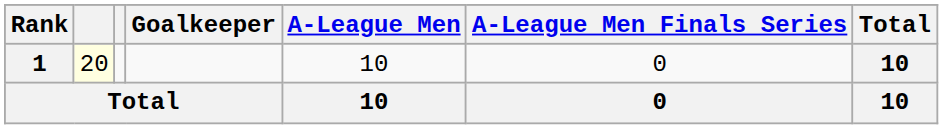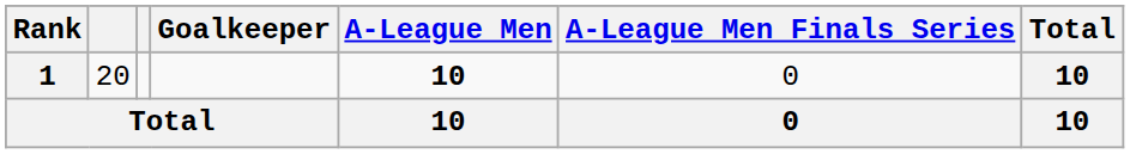 <table class="wikitable" style="text-align:center">
 <tr>
 <th>Rank</th>
 <th></th>
 <th></th>
 <th>Goalkeeper</th>
 <th><a href='#'>A-League Men</a></th>
 <th><a href='#'>A-League Men Finals Series</a></th>
 <th>Total</th>
 </tr>
 <tr>
 <th>1</th>
-<td style="background: lightyellow;">20</td>
+<td>20</td>
 <td></td>
 <td align="left"></td>
-<td>10</td>
+<td><strong>10</strong></td>
 <td>0</td>
 <th>10</th>
 </tr>
 <tr>
 <th colspan="4">Total</th>
 <th>10</th>
 <th>0</th>
 <th>10</th>
 </tr>
 </table>
